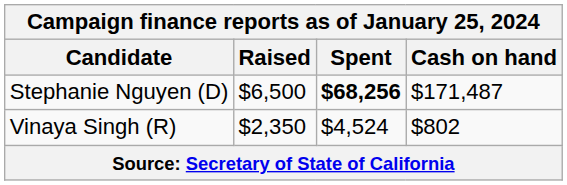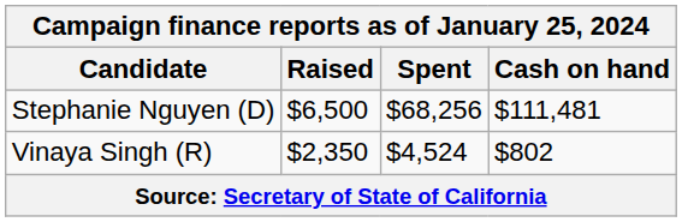 <table class="wikitable sortable">
 <tr>
 <th colspan=4>Campaign finance reports as of January 25, 2024</th>
 </tr>
 <tr style="text-align:center;">
 <th>Candidate</th>
 <th>Raised</th>
 <th>Spent</th>
 <th>Cash on hand</th>
 </tr>
 <tr>
 <td style="color:black;background-color:">Stephanie Nguyen (D)</td>
 <td>$6,500</td>
-<td><strong>$68,256</strong></td>
-<td>$171,487</td>
+<td>$68,256</td>
+<td>$111,481</td>
 </tr>
 <tr>
 <td style="background-color:">Vinaya Singh (R)</td>
 <td>$2,350</td>
 <td>$4,524</td>
 <td>$802</td>
 </tr>
 <tr>
 <th colspan="4"><small>Source: <a href='#'>Secretary of State of California</a></small></th>
 </tr>
 </table>
